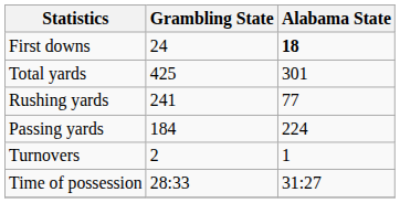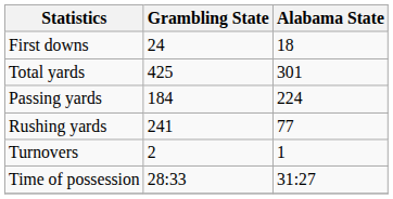 <table class="wikitable">
 <tr>
 <th>Statistics</th>
 <th>Grambling State</th>
 <th>Alabama State</th>
 </tr>
 <tr>
 <td>First downs</td>
 <td>24</td>
-<td><strong>18</strong></td>
+<td>18</td>
 </tr>
 <tr>
 <td>Total yards</td>
 <td>425</td>
 <td>301</td>
 </tr>
 <tr>
+<td>Passing yards</td>
+<td>184</td>
+<td>224</td>
+</tr>
+<tr>
 <td>Rushing yards</td>
 <td>241</td>
 <td>77</td>
-</tr>
-<tr>
-<td>Passing yards</td>
-<td>184</td>
-<td>224</td>
 </tr>
 <tr>
 <td>Turnovers</td>
 <td>2</td>
 <td>1</td>
 </tr>
 <tr>
 <td>Time of possession</td>
 <td>28:33</td>
 <td>31:27</td>
 </tr>
 <tr>
 </tr>
 </table>
